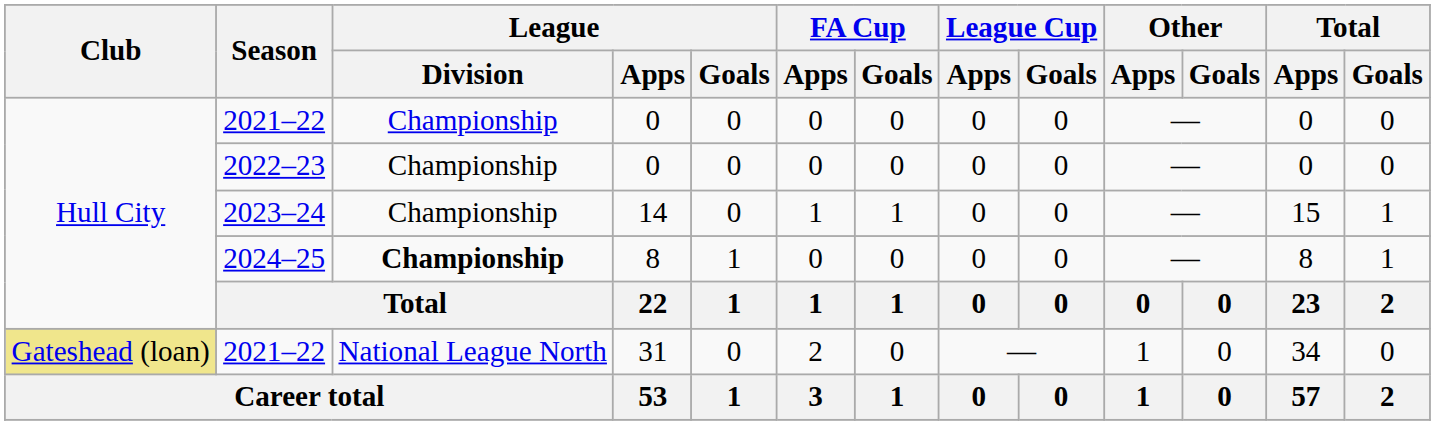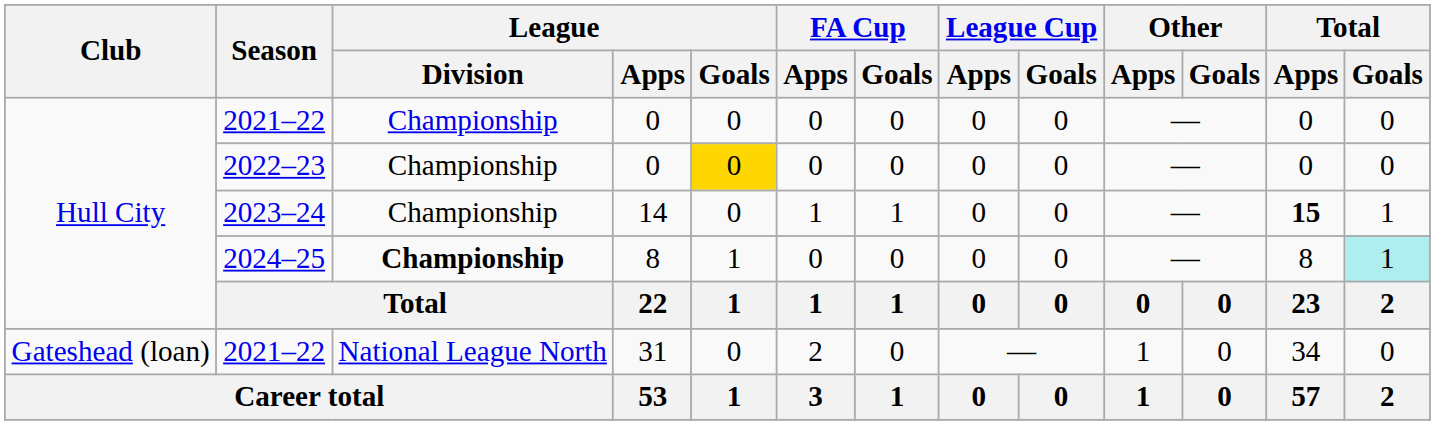 <table class="wikitable" style="text-align: center">
 <tr>
 <th rowspan="2">Club</th>
 <th rowspan="2">Season</th>
 <th colspan="3">League</th>
 <th colspan="2"><a href='#'>FA Cup</a></th>
 <th colspan="2"><a href='#'>League Cup</a></th>
 <th colspan="2">Other</th>
 <th colspan="2">Total</th>
 </tr>
 <tr>
 <th>Division</th>
 <th>Apps</th>
 <th>Goals</th>
 <th>Apps</th>
 <th>Goals</th>
 <th>Apps</th>
 <th>Goals</th>
 <th>Apps</th>
 <th>Goals</th>
 <th>Apps</th>
 <th>Goals</th>
 </tr>
 <tr>
 <td rowspan="5"><a href='#'>Hull City</a></td>
 <td><a href='#'>2021–22</a></td>
 <td><a href='#'>Championship</a></td>
 <td>0</td>
 <td>0</td>
 <td>0</td>
 <td>0</td>
 <td>0</td>
 <td>0</td>
 <td colspan="2">—</td>
 <td>0</td>
 <td>0</td>
 </tr>
 <tr>
 <td><a href='#'>2022–23</a></td>
 <td>Championship</td>
 <td>0</td>
-<td>0</td>
+<td style="background: gold;">0</td>
 <td>0</td>
 <td>0</td>
 <td>0</td>
 <td>0</td>
 <td colspan="2">—</td>
 <td>0</td>
 <td>0</td>
 </tr>
 <tr>
 <td><a href='#'>2023–24</a></td>
 <td>Championship</td>
 <td>14</td>
 <td>0</td>
 <td>1</td>
 <td>1</td>
 <td>0</td>
 <td>0</td>
 <td colspan="2">—</td>
-<td>15</td>
+<td><strong>15</strong></td>
 <td>1</td>
 </tr>
 <tr>
 <td><a href='#'>2024–25</a></td>
 <td><strong>Championship</strong></td>
 <td>8</td>
 <td>1</td>
 <td>0</td>
 <td>0</td>
 <td>0</td>
 <td>0</td>
 <td colspan="2">—</td>
 <td>8</td>
-<td>1</td>
+<td style="background: paleturquoise;">1</td>
 </tr>
 <tr>
 <th colspan="2">Total</th>
 <th>22</th>
 <th>1</th>
 <th>1</th>
 <th>1</th>
 <th>0</th>
 <th>0</th>
 <th>0</th>
 <th>0</th>
 <th>23</th>
 <th>2</th>
 </tr>
 <tr>
-<td style="background: khaki;"><a href='#'>Gateshead</a> (loan)</td>
+<td><a href='#'>Gateshead</a> (loan)</td>
 <td><a href='#'>2021–22</a></td>
 <td><a href='#'>National League North</a></td>
 <td>31</td>
 <td>0</td>
 <td>2</td>
 <td>0</td>
 <td colspan="2">—</td>
 <td>1</td>
 <td>0</td>
 <td>34</td>
 <td>0</td>
 </tr>
 <tr>
 <th colspan="3">Career total</th>
 <th>53</th>
 <th>1</th>
 <th>3</th>
 <th>1</th>
 <th>0</th>
 <th>0</th>
 <th>1</th>
 <th>0</th>
 <th>57</th>
 <th>2</th>
 </tr>
 </table>
